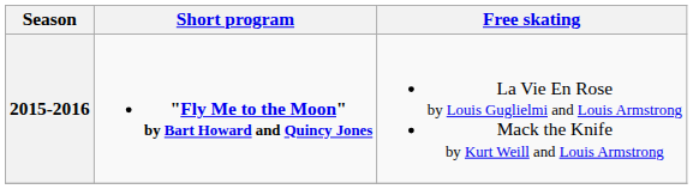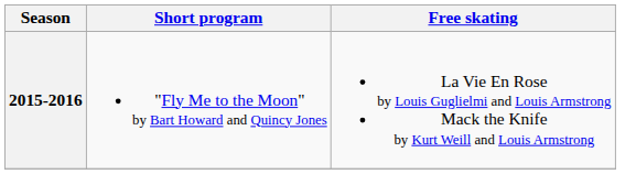 <table class=wikitable style=text-align:center>
 <tr>
 <th>Season</th>
 <th><a href='#'>Short program</a></th>
 <th><a href='#'>Free skating</a></th>
 </tr>
 <tr>
 <th>2015-2016 </th>
-<td><strong><br><ul><li>"<a href='#'>Fly Me to the Moon</a>" <br><small>by <a href='#'>Bart Howard</a> and <a href='#'>Quincy Jones</a></small></li></ul></strong></td>
+<td><br><ul><li>"<a href='#'>Fly Me to the Moon</a>" <br><small>by <a href='#'>Bart Howard</a> and <a href='#'>Quincy Jones</a></small></li></ul></td>
 <td><br><ul><li>La Vie En Rose <br><small>by <a href='#'>Louis Guglielmi</a> and <a href='#'>Louis Armstrong</a></small></li><li>Mack the Knife <br><small>by <a href='#'>Kurt Weill</a> and <a href='#'>Louis Armstrong</a></small></li></ul></td>
 </tr>
 <tr>
 </tr>
 </table>
